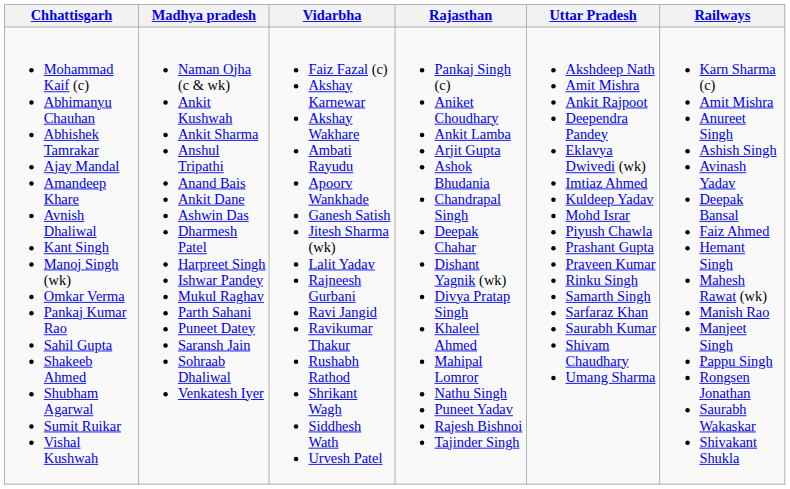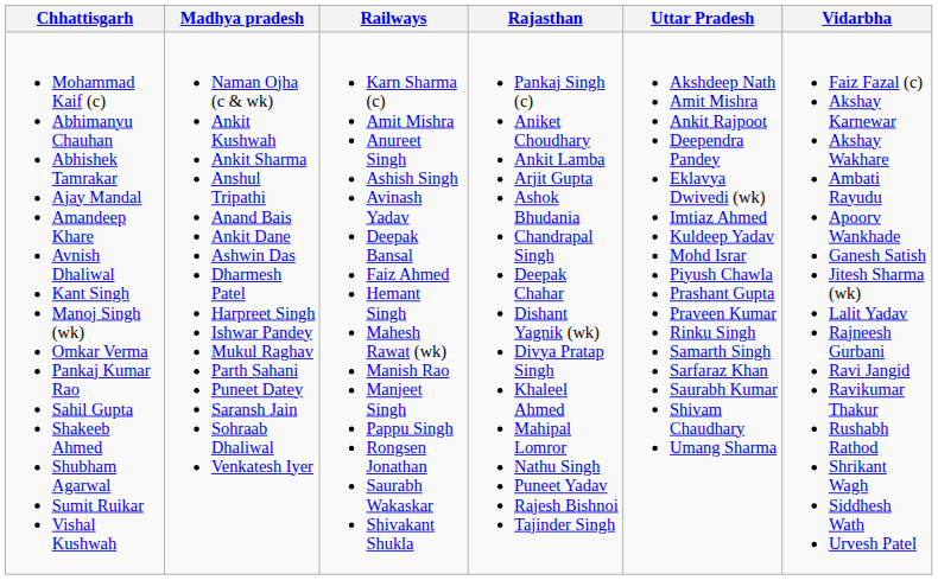 <table class="wikitable">
 <tr>
 <th><a href='#'>Chhattisgarh</a></th>
 <th><a href='#'>Madhya pradesh</a></th>
-<th><a href='#'>Vidarbha</a></th>
+<th><a href='#'>Railways</a></th>
 <th><a href='#'>Rajasthan</a></th>
 <th><a href='#'>Uttar Pradesh</a></th>
-<th><a href='#'>Railways</a></th>
+<th><a href='#'>Vidarbha</a></th>
 </tr>
 <tr style="vertical-align:top">
 <td><br><ul><li><a href='#'>Mohammad Kaif</a> (c)</li><li><a href='#'>Abhimanyu Chauhan</a></li><li><a href='#'>Abhishek Tamrakar</a></li><li><a href='#'>Ajay Mandal</a></li><li><a href='#'>Amandeep Khare</a></li><li><a href='#'>Avnish Dhaliwal</a></li><li><a href='#'>Kant Singh</a></li><li><a href='#'>Manoj Singh</a> (wk)</li><li><a href='#'>Omkar Verma</a></li><li><a href='#'>Pankaj Kumar Rao</a></li><li><a href='#'>Sahil Gupta</a></li><li><a href='#'>Shakeeb Ahmed</a></li><li><a href='#'>Shubham Agarwal</a></li><li><a href='#'>Sumit Ruikar</a></li><li><a href='#'>Vishal Kushwah</a></li></ul></td>
 <td><br><ul><li><a href='#'>Naman Ojha</a> (c & wk)</li><li><a href='#'>Ankit Kushwah</a></li><li><a href='#'>Ankit Sharma</a></li><li><a href='#'>Anshul Tripathi</a></li><li><a href='#'>Anand Bais</a></li><li><a href='#'>Ankit Dane</a></li><li><a href='#'>Ashwin Das</a></li><li><a href='#'>Dharmesh Patel</a></li><li><a href='#'>Harpreet Singh</a></li><li><a href='#'>Ishwar Pandey</a></li><li><a href='#'>Mukul Raghav</a></li><li><a href='#'>Parth Sahani</a></li><li><a href='#'>Puneet Datey</a></li><li><a href='#'>Saransh Jain</a></li><li><a href='#'>Sohraab Dhaliwal</a></li><li><a href='#'>Venkatesh Iyer</a></li></ul></td>
-<td><br><ul><li><a href='#'>Faiz Fazal</a> (c)</li><li><a href='#'>Akshay Karnewar</a></li><li><a href='#'>Akshay Wakhare</a></li><li><a href='#'>Ambati Rayudu</a></li><li><a href='#'>Apoorv Wankhade</a></li><li><a href='#'>Ganesh Satish</a></li><li><a href='#'>Jitesh Sharma</a> (wk)</li><li><a href='#'>Lalit Yadav</a></li><li><a href='#'>Rajneesh Gurbani</a></li><li><a href='#'>Ravi Jangid</a></li><li><a href='#'>Ravikumar Thakur</a></li><li><a href='#'>Rushabh Rathod</a></li><li><a href='#'>Shrikant Wagh</a></li><li><a href='#'>Siddhesh Wath</a></li><li><a href='#'>Urvesh Patel</a></li></ul></td>
+<td><br><ul><li><a href='#'>Karn Sharma</a> (c)</li><li><a href='#'>Amit Mishra</a></li><li><a href='#'>Anureet Singh</a></li><li><a href='#'>Ashish Singh</a></li><li><a href='#'>Avinash Yadav</a></li><li><a href='#'>Deepak Bansal</a></li><li><a href='#'>Faiz Ahmed</a></li><li><a href='#'>Hemant Singh</a></li><li><a href='#'>Mahesh Rawat</a> (wk)</li><li><a href='#'>Manish Rao</a></li><li><a href='#'>Manjeet Singh</a></li><li><a href='#'>Pappu Singh</a></li><li><a href='#'>Rongsen Jonathan</a></li><li><a href='#'>Saurabh Wakaskar</a></li><li><a href='#'>Shivakant Shukla</a></li></ul></td>
 <td><br><ul><li><a href='#'>Pankaj Singh</a> (c)</li><li><a href='#'>Aniket Choudhary</a></li><li><a href='#'>Ankit Lamba</a></li><li><a href='#'>Arjit Gupta</a></li><li><a href='#'>Ashok Bhudania</a></li><li><a href='#'>Chandrapal Singh</a></li><li><a href='#'>Deepak Chahar</a></li><li><a href='#'>Dishant Yagnik</a> (wk)</li><li><a href='#'>Divya Pratap Singh</a></li><li><a href='#'>Khaleel Ahmed</a></li><li><a href='#'>Mahipal Lomror</a></li><li><a href='#'>Nathu Singh</a></li><li><a href='#'>Puneet Yadav</a></li><li><a href='#'>Rajesh Bishnoi</a></li><li><a href='#'>Tajinder Singh</a></li></ul></td>
 <td><br><ul><li><a href='#'>Akshdeep Nath</a></li><li><a href='#'>Amit Mishra</a></li><li><a href='#'>Ankit Rajpoot</a></li><li><a href='#'>Deependra Pandey</a></li><li><a href='#'>Eklavya Dwivedi</a> (wk)</li><li><a href='#'>Imtiaz Ahmed</a></li><li><a href='#'>Kuldeep Yadav</a></li><li><a href='#'>Mohd Israr</a></li><li><a href='#'>Piyush Chawla</a></li><li><a href='#'>Prashant Gupta</a></li><li><a href='#'>Praveen Kumar</a></li><li><a href='#'>Rinku Singh</a></li><li><a href='#'>Samarth Singh</a></li><li><a href='#'>Sarfaraz Khan</a></li><li><a href='#'>Saurabh Kumar</a></li><li><a href='#'>Shivam Chaudhary</a></li><li><a href='#'>Umang Sharma</a></li></ul></td>
-<td><br><ul><li><a href='#'>Karn Sharma</a> (c)</li><li><a href='#'>Amit Mishra</a></li><li><a href='#'>Anureet Singh</a></li><li><a href='#'>Ashish Singh</a></li><li><a href='#'>Avinash Yadav</a></li><li><a href='#'>Deepak Bansal</a></li><li><a href='#'>Faiz Ahmed</a></li><li><a href='#'>Hemant Singh</a></li><li><a href='#'>Mahesh Rawat</a> (wk)</li><li><a href='#'>Manish Rao</a></li><li><a href='#'>Manjeet Singh</a></li><li><a href='#'>Pappu Singh</a></li><li><a href='#'>Rongsen Jonathan</a></li><li><a href='#'>Saurabh Wakaskar</a></li><li><a href='#'>Shivakant Shukla</a></li></ul></td>
+<td><br><ul><li><a href='#'>Faiz Fazal</a> (c)</li><li><a href='#'>Akshay Karnewar</a></li><li><a href='#'>Akshay Wakhare</a></li><li><a href='#'>Ambati Rayudu</a></li><li><a href='#'>Apoorv Wankhade</a></li><li><a href='#'>Ganesh Satish</a></li><li><a href='#'>Jitesh Sharma</a> (wk)</li><li><a href='#'>Lalit Yadav</a></li><li><a href='#'>Rajneesh Gurbani</a></li><li><a href='#'>Ravi Jangid</a></li><li><a href='#'>Ravikumar Thakur</a></li><li><a href='#'>Rushabh Rathod</a></li><li><a href='#'>Shrikant Wagh</a></li><li><a href='#'>Siddhesh Wath</a></li><li><a href='#'>Urvesh Patel</a></li></ul></td>
 </tr>
 </table>
